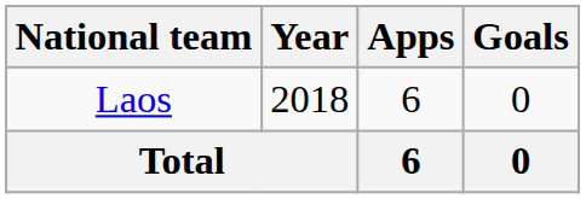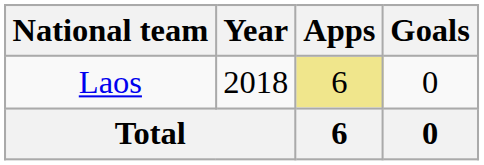 <table class="wikitable" style="text-align:center">
 <tr>
 <th>National team</th>
 <th>Year</th>
 <th>Apps</th>
 <th>Goals</th>
 </tr>
 <tr>
 <td rowspan="1"><a href='#'>Laos</a></td>
 <td>2018</td>
-<td>6</td>
+<td style="background: khaki;">6</td>
 <td>0</td>
 </tr>
 <tr>
 <th colspan=2>Total</th>
 <th>6</th>
 <th>0</th>
 </tr>
 </table>
